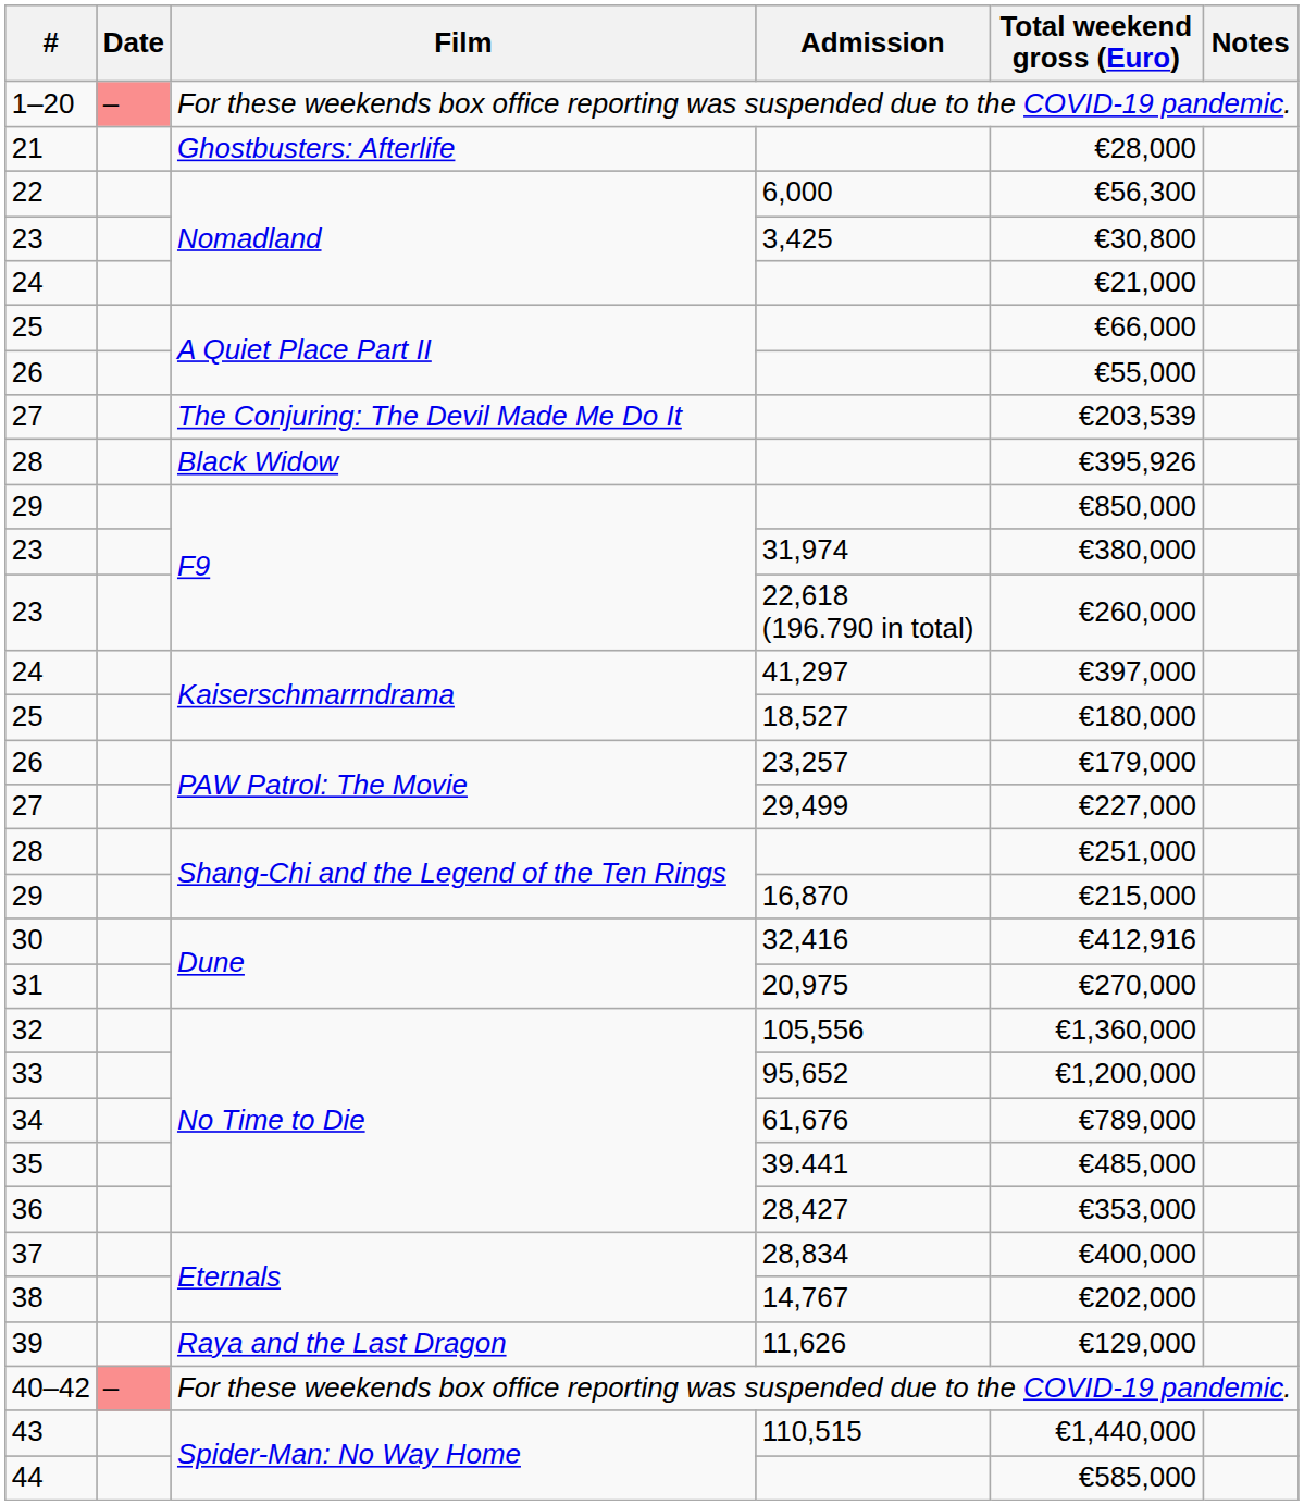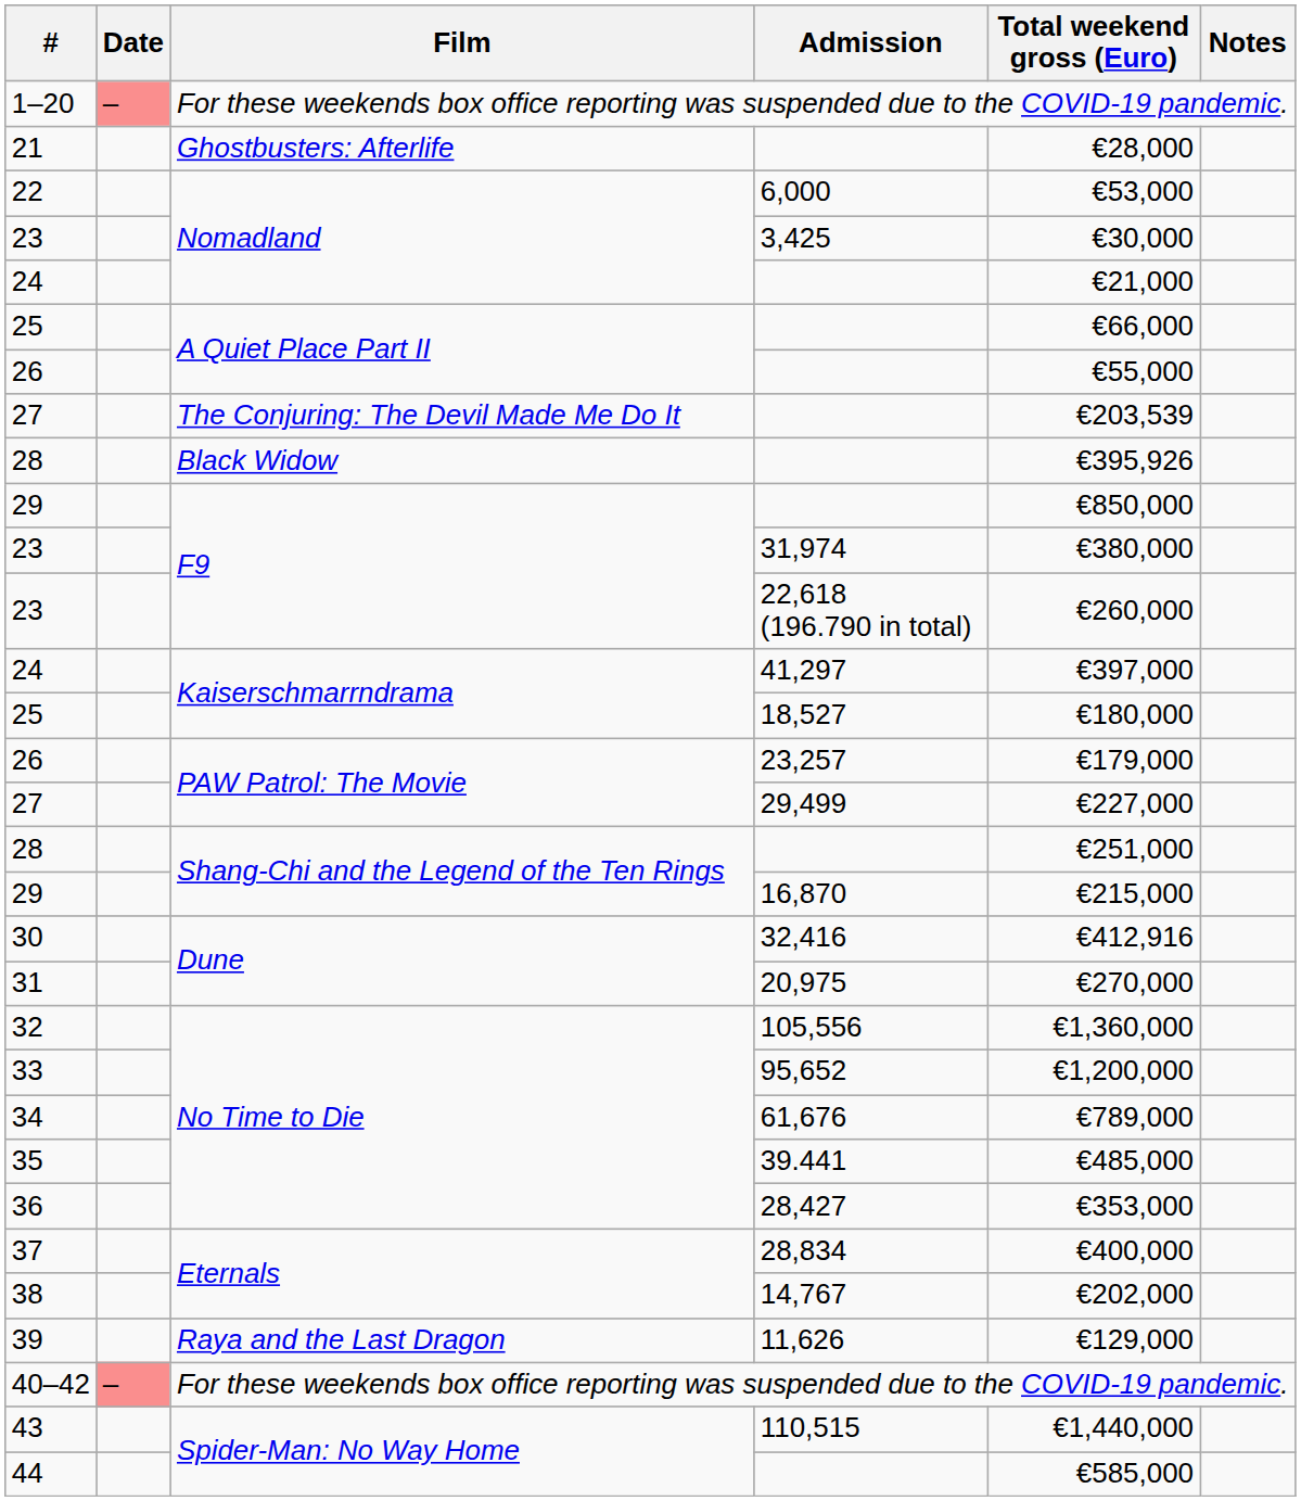 <table class="wikitable sortable">
 <tr>
 <th>#</th>
 <th>Date</th>
 <th>Film</th>
 <th>Admission</th>
 <th>Total weekend<br>gross (<a href='#'>Euro</a>)</th>
 <th>Notes</th>
 </tr>
 <tr>
 <td>1–20</td>
 <td style="background: #fa8e8e;"> – </td>
 <td align="center" colspan="4"><em>For these weekends box office reporting was suspended due to the <a href='#'>COVID-19 pandemic</a>. </em></td>
 </tr>
 <tr>
 <td>21</td>
 <td></td>
 <td rowspan="1"><em><a href='#'>Ghostbusters: Afterlife</a></em></td>
 <td></td>
 <td style="text-align:right">€28,000</td>
 <td></td>
 </tr>
 <tr>
 <td>22</td>
 <td></td>
 <td rowspan="3"><em><a href='#'>Nomadland</a></em></td>
 <td>6,000</td>
-<td style="text-align:right">€56,300</td>
+<td style="text-align:right">€53,000</td>
 <td></td>
 </tr>
 <tr>
 <td>23</td>
 <td></td>
 <td>3,425</td>
-<td style="text-align:right">€30,800</td>
+<td style="text-align:right">€30,000</td>
 <td></td>
 </tr>
 <tr>
 <td>24</td>
 <td></td>
 <td></td>
 <td style="text-align:right">€21,000</td>
 <td></td>
 </tr>
 <tr>
 <td>25</td>
 <td></td>
 <td rowspan="2"><em><a href='#'>A Quiet Place Part II</a></em></td>
 <td></td>
 <td style="text-align:right">€66,000</td>
 <td></td>
 </tr>
 <tr>
 <td>26</td>
 <td></td>
 <td></td>
 <td style="text-align:right">€55,000</td>
 <td></td>
 </tr>
 <tr>
 <td>27</td>
 <td></td>
 <td><em><a href='#'>The Conjuring: The Devil Made Me Do It</a></em></td>
 <td></td>
 <td style="text-align:right">€203,539</td>
 <td></td>
 </tr>
 <tr>
 <td>28</td>
 <td></td>
 <td><em><a href='#'>Black Widow</a></em></td>
 <td></td>
 <td style="text-align:right">€395,926</td>
 <td></td>
 </tr>
 <tr>
 <td>29</td>
 <td></td>
 <td rowspan="3"><em><a href='#'>F9</a></em></td>
 <td></td>
 <td style="text-align:right">€850,000</td>
 <td></td>
 </tr>
 <tr>
 <td>23</td>
 <td></td>
 <td>31,974</td>
 <td style="text-align:right">€380,000</td>
 <td></td>
 </tr>
 <tr>
 <td>23</td>
 <td></td>
 <td>22,618<br>(196.790 in total)</td>
 <td style="text-align:right">€260,000</td>
 <td></td>
 </tr>
 <tr>
 <td>24</td>
 <td></td>
 <td rowspan="2"><em><a href='#'>Kaiserschmarrndrama</a></em></td>
 <td>41,297</td>
 <td style="text-align:right">€397,000</td>
 <td></td>
 </tr>
 <tr>
 <td>25</td>
 <td></td>
 <td>18,527</td>
 <td style="text-align:right">€180,000</td>
 <td></td>
 </tr>
 <tr>
 <td>26</td>
 <td></td>
 <td rowspan="2"><em><a href='#'>PAW Patrol: The Movie</a></em></td>
 <td>23,257</td>
 <td style="text-align:right">€179,000</td>
 <td></td>
 </tr>
 <tr>
 <td>27</td>
 <td></td>
 <td>29,499</td>
 <td style="text-align:right">€227,000</td>
 <td></td>
 </tr>
 <tr>
 <td>28</td>
 <td></td>
 <td rowspan="2"><em><a href='#'>Shang-Chi and the Legend of the Ten Rings</a></em></td>
 <td></td>
 <td style="text-align:right">€251,000</td>
 <td></td>
 </tr>
 <tr>
 <td>29</td>
 <td></td>
 <td>16,870</td>
 <td style="text-align:right">€215,000</td>
 <td></td>
 </tr>
 <tr>
 <td>30</td>
 <td></td>
 <td rowspan="2"><em><a href='#'>Dune</a></em></td>
 <td>32,416</td>
 <td style="text-align:right">€412,916</td>
 <td></td>
 </tr>
 <tr>
 <td>31</td>
 <td></td>
 <td>20,975</td>
 <td style="text-align:right">€270,000</td>
 <td></td>
 </tr>
 <tr>
 <td>32</td>
 <td></td>
 <td rowspan="5"><em><a href='#'>No Time to Die</a></em></td>
 <td>105,556</td>
 <td style="text-align:right">€1,360,000</td>
 <td></td>
 </tr>
 <tr>
 <td>33</td>
 <td></td>
 <td>95,652</td>
 <td style="text-align:right">€1,200,000</td>
 <td></td>
 </tr>
 <tr>
 <td>34</td>
 <td></td>
 <td>61,676</td>
 <td style="text-align:right">€789,000</td>
 <td></td>
 </tr>
 <tr>
 <td>35</td>
 <td></td>
 <td>39.441</td>
 <td style="text-align:right">€485,000</td>
 <td></td>
 </tr>
 <tr>
 <td>36</td>
 <td></td>
 <td>28,427</td>
 <td style="text-align:right">€353,000</td>
 <td></td>
 </tr>
 <tr>
 <td>37</td>
 <td></td>
 <td rowspan="2"><em><a href='#'>Eternals</a></em></td>
 <td>28,834</td>
 <td style="text-align:right">€400,000</td>
 <td></td>
 </tr>
 <tr>
 <td>38</td>
 <td></td>
 <td>14,767</td>
 <td style="text-align:right">€202,000</td>
 <td></td>
 </tr>
 <tr>
 <td>39</td>
 <td></td>
 <td><em><a href='#'>Raya and the Last Dragon</a></em></td>
 <td>11,626</td>
 <td style="text-align:right">€129,000</td>
 <td></td>
 </tr>
 <tr>
 <td>40–42</td>
 <td style="background: #fa8e8e;"> – </td>
 <td align="center" colspan="4"><em>For these weekends box office reporting was suspended due to the <a href='#'>COVID-19 pandemic</a>. </em></td>
 </tr>
 <tr>
 <td>43</td>
 <td></td>
 <td rowspan="2"><em><a href='#'>Spider-Man: No Way Home</a></em></td>
 <td>110,515</td>
 <td style="text-align:right">€1,440,000</td>
 <td></td>
 </tr>
 <tr>
 <td>44</td>
 <td></td>
 <td></td>
 <td style="text-align:right">€585,000</td>
 <td></td>
 </tr>
 </table>
